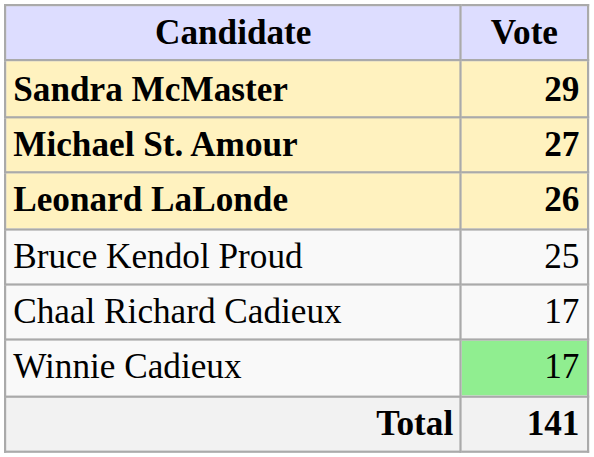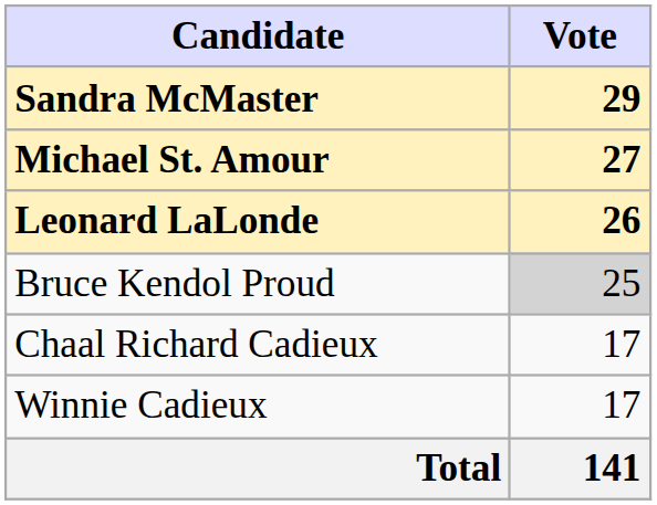 <table class="wikitable">
 <tr>
 <th width="200px" style="background:#ddf;">Candidate</th>
 <th width="50px" style="background:#ddf;">Vote</th>
 </tr>
 <tr>
 <td style="background:#fff2bf;"><strong>Sandra McMaster</strong></td>
 <td style="text-align:right;background:#fff2bf;"><strong>29</strong></td>
 </tr>
 <tr>
 <td style="background:#fff2bf;"><strong>Michael St. Amour</strong></td>
 <td style="text-align:right;background:#fff2bf;"><strong>27</strong></td>
 </tr>
 <tr>
 <td style="background:#fff2bf;"><strong>Leonard LaLonde</strong></td>
 <td style="text-align:right;background:#fff2bf;"><strong>26</strong></td>
 </tr>
 <tr>
 <td style="text-align:left;">Bruce Kendol Proud</td>
-<td style="text-align:right;">25</td>
+<td style="background: lightgrey; text-align:right;">25</td>
 </tr>
 <tr>
 <td style="text-align:left;">Chaal Richard Cadieux</td>
 <td style="text-align:right;">17</td>
 </tr>
 <tr>
 <td style="text-align:left;">Winnie Cadieux</td>
-<td style="background: lightgreen; text-align:right;">17</td>
+<td style="text-align:right;">17</td>
 </tr>
 <tr>
 <td style="text-align:right;background-color:#f2f2f2;"><strong>Total</strong></td>
 <td style="text-align:right;background-color:#f2f2f2;"><strong>141</strong></td>
 </tr>
 </table>
